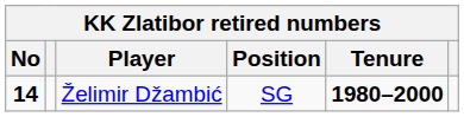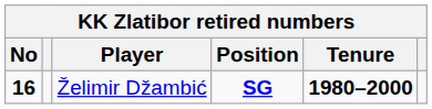 <table class="wikitable" style="text-align:center; font-size:95%;">
 <tr>
 <th colspan=6>KK Zlatibor retired numbers</th>
 </tr>
 <tr>
 <th>No</th>
 <th></th>
 <th>Player</th>
 <th>Position</th>
 <th>Tenure</th>
 <th></th>
 </tr>
 <tr>
-<td><strong>14</strong></td>
+<td><strong>16</strong></td>
 <td></td>
 <td><a href='#'>Želimir Džambić</a></td>
-<td><a href='#'>SG</a></td>
+<td><strong><a href='#'>SG</a></strong></td>
 <td><strong>1980–2000</strong></td>
 <td></td>
 </tr>
 </table>
